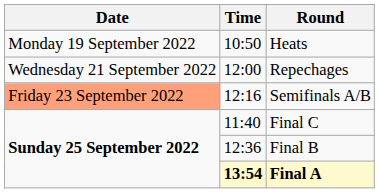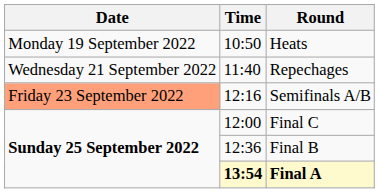 <table class="wikitable">
 <tr>
 <th>Date</th>
 <th>Time</th>
 <th>Round</th>
 </tr>
 <tr>
 <td>Monday 19 September 2022</td>
 <td>10:50</td>
 <td>Heats</td>
 </tr>
 <tr>
 <td>Wednesday 21 September 2022</td>
-<td>12:00</td>
+<td>11:40</td>
 <td>Repechages</td>
 </tr>
 <tr>
 <td style="background: lightsalmon;">Friday 23 September 2022</td>
 <td>12:16</td>
 <td>Semifinals A/B</td>
 </tr>
 <tr>
 <td rowspan=3><strong>Sunday 25 September 2022</strong></td>
-<td>11:40</td>
+<td>12:00</td>
 <td>Final C</td>
 </tr>
 <tr>
 <td>12:36</td>
 <td>Final B</td>
 </tr>
 <tr>
 <td style=background:lemonchiffon><strong>13:54</strong></td>
 <td style=background:lemonchiffon><strong>Final A</strong></td>
 </tr>
 </table>
